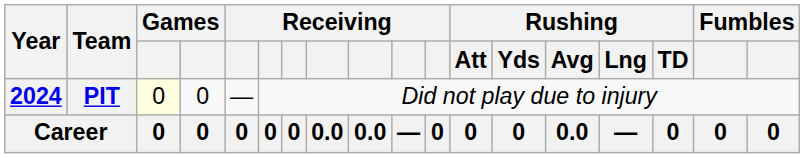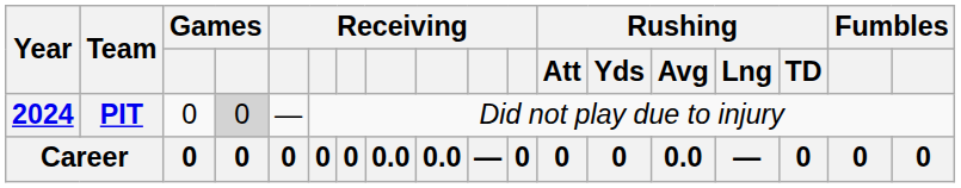 <table class="wikitable" style="text-align:center;">
 <tr>
 <th rowspan="2">Year</th>
 <th rowspan="2">Team</th>
 <th colspan="2">Games</th>
 <th colspan="7">Receiving</th>
 <th colspan="5">Rushing</th>
 <th colspan="2">Fumbles</th>
 </tr>
 <tr>
 <th></th>
 <th></th>
 <th></th>
 <th></th>
 <th></th>
 <th></th>
 <th></th>
 <th></th>
 <th></th>
 <th>Att</th>
 <th>Yds</th>
 <th>Avg</th>
 <th>Lng</th>
 <th>TD</th>
 <th></th>
 <th></th>
 </tr>
 <tr>
 <th><a href='#'>2024</a></th>
 <th><a href='#'>PIT</a></th>
-<td style="background: lightyellow;">0</td>
 <td>0</td>
+<td style="background: lightgrey;">0</td>
 <td>—</td>
 <td colspan="19"><em>Did not play due to injury</em></td>
 </tr>
 <tr>
 <th colspan="2">Career</th>
 <th>0</th>
 <th>0</th>
 <th>0</th>
 <th>0</th>
 <th>0</th>
 <th>0.0</th>
 <th>0.0</th>
 <th>—</th>
 <th>0</th>
 <th>0</th>
 <th>0</th>
 <th>0.0</th>
 <th>—</th>
 <th>0</th>
 <th>0</th>
 <th>0</th>
 </tr>
 </table>
